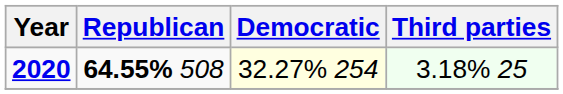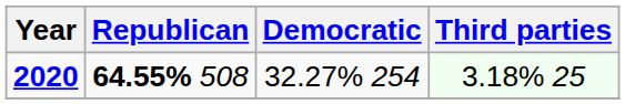 <table class="wikitable" style="float:right; font-size:95%;">
 <tr bgcolor=lightgrey>
 <th>Year</th>
 <th><a href='#'>Republican</a></th>
 <th><a href='#'>Democratic</a></th>
 <th><a href='#'>Third parties</a></th>
 </tr>
 <tr>
 <td style="text-align:center;" ><strong><a href='#'>2020</a></strong></td>
 <td style="text-align:center;" ><strong>64.55%</strong> <em>508</em></td>
-<td style="background: lightyellow; text-align:center;" >32.27% <em>254</em></td>
+<td style="text-align:center;" >32.27% <em>254</em></td>
 <td style="text-align:center; background:honeyDew;">3.18% <em>25</em></td>
 </tr>
 <tr>
 </tr>
 </table>
